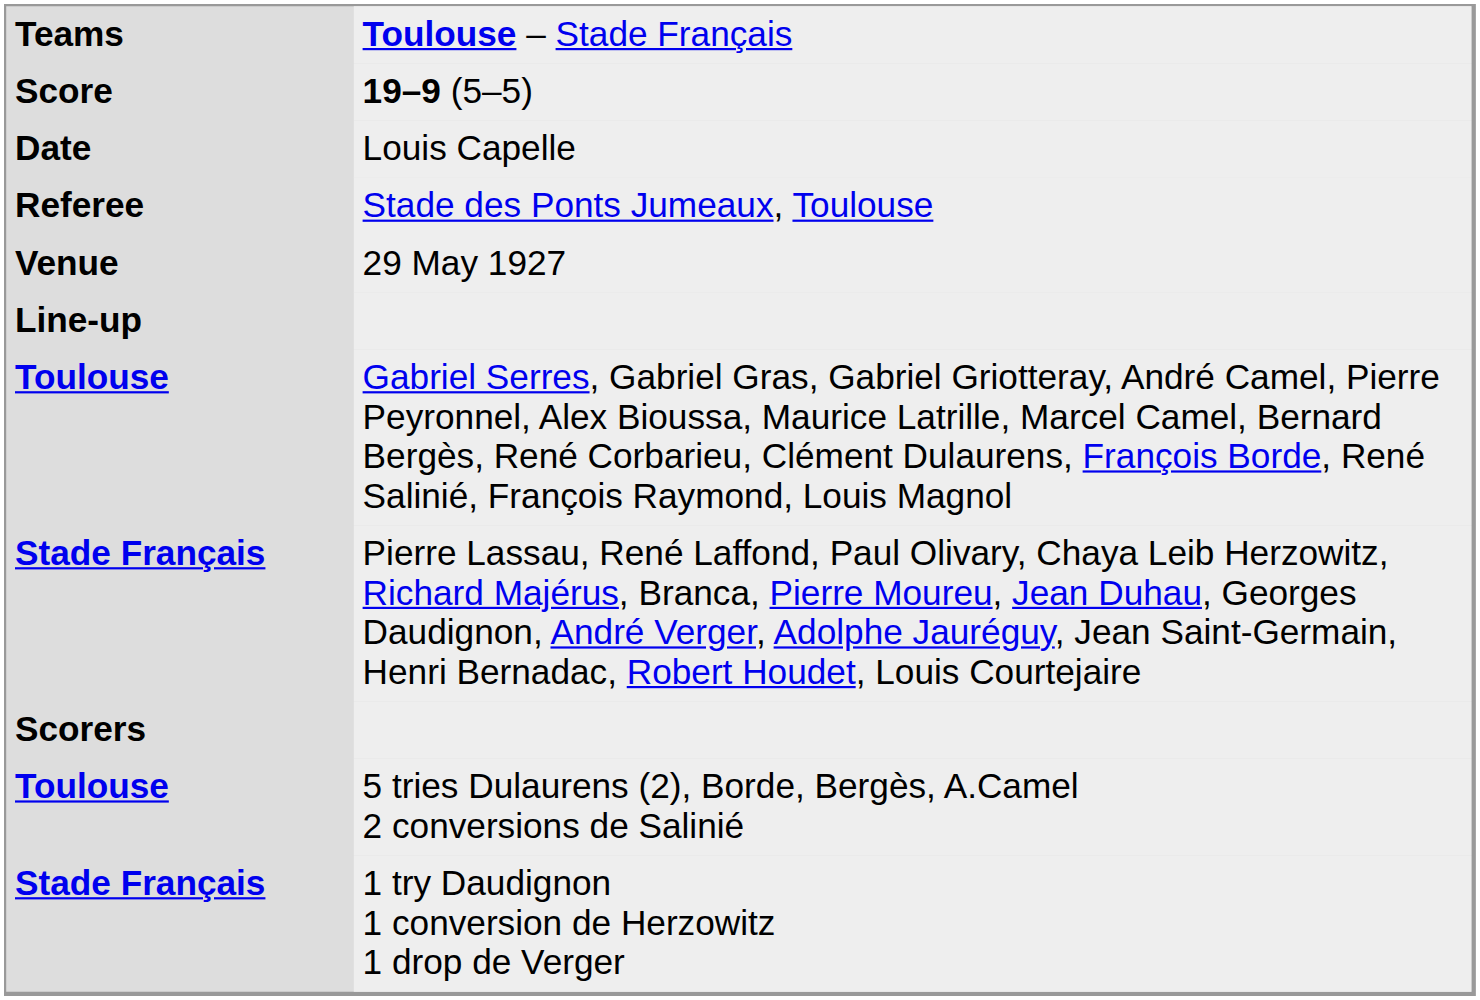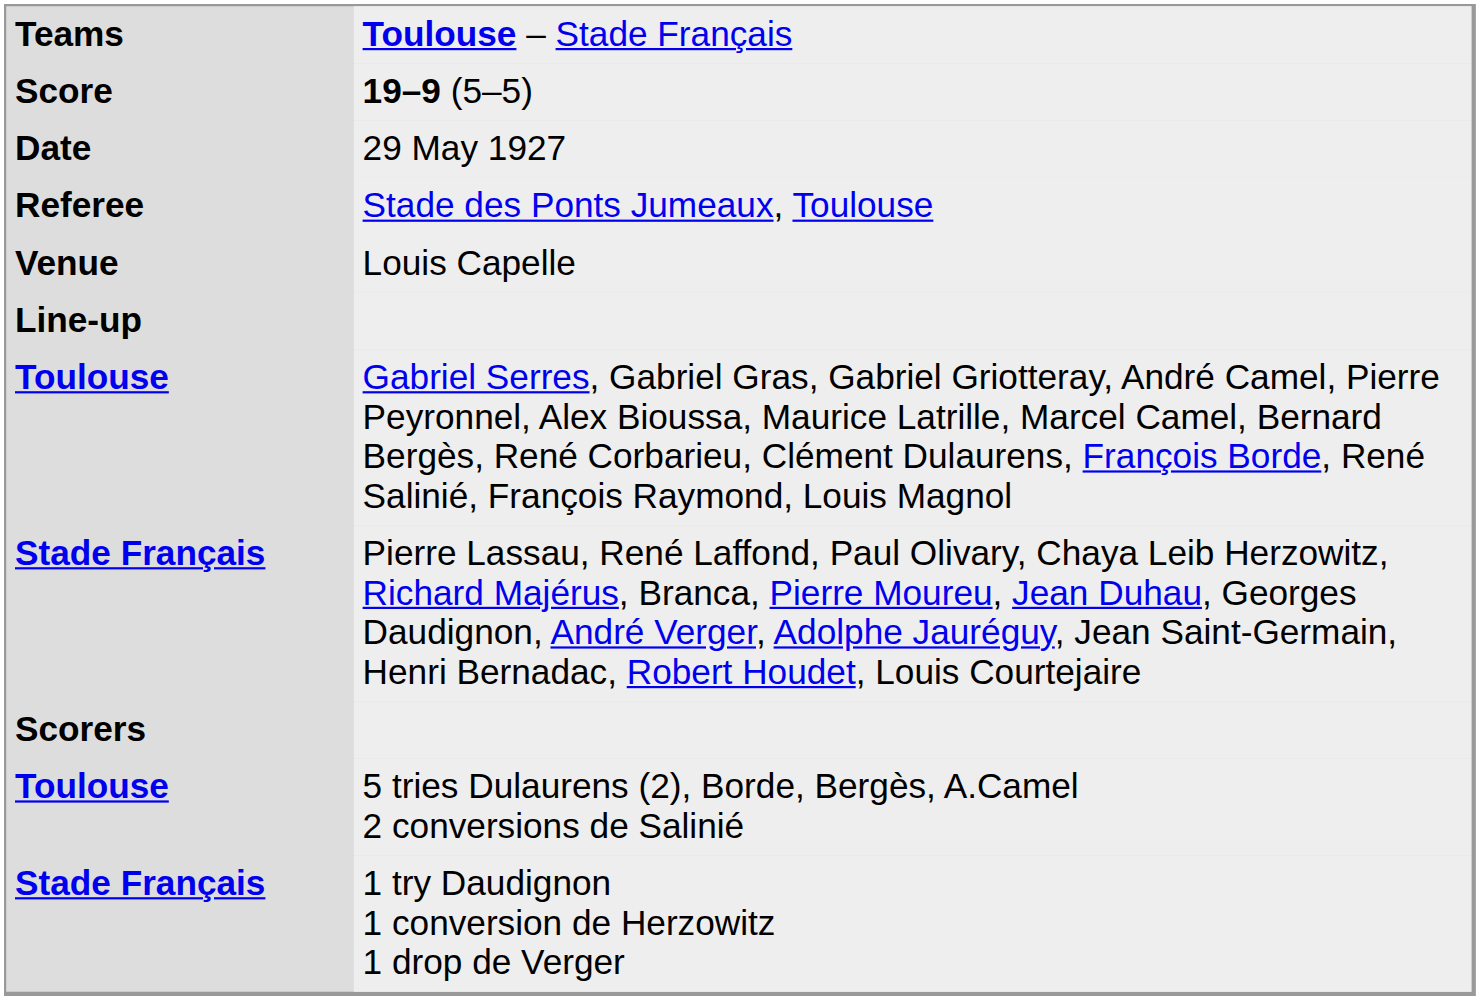 <table align="left" cellpadding="4" cellspacing="0"  style="margin: 0 0 0 0; border: 1px solid #999; border-right-width: 2px; border-bottom-width: 2px; background-color: #DDDDDD">
 <tr>
 <td width="150" valign="top"><strong>Teams</strong></td>
 <td width="500" bgcolor=#EEEEEE><strong><a href='#'>Toulouse</a></strong> – <a href='#'>Stade Français</a></td>
 </tr>
 <tr>
 <td valign="top"><strong>Score</strong></td>
 <td bgcolor=#EEEEEE><strong>19–9</strong> (5–5)</td>
 </tr>
 <tr>
 <td valign="top"><strong>Date</strong></td>
-<td bgcolor=#EEEEEE>Louis Capelle</td>
+<td bgcolor=#EEEEEE>29 May 1927</td>
 </tr>
 <tr>
 <td valign="top"><strong>Referee</strong></td>
 <td bgcolor=#EEEEEE><a href='#'>Stade des Ponts Jumeaux</a>, <a href='#'>Toulouse</a></td>
 </tr>
 <tr>
 <td valign="top"><strong>Venue</strong></td>
-<td bgcolor=#EEEEEE>29 May 1927</td>
+<td bgcolor=#EEEEEE>Louis Capelle</td>
 </tr>
 <tr>
 <td valign="top"><strong>Line-up</strong></td>
 <td bgcolor=#EEEEEE></td>
 </tr>
 <tr>
 <td valign="top"><strong> <a href='#'>Toulouse</a></strong></td>
 <td bgcolor=#EEEEEE><a href='#'>Gabriel Serres</a>, Gabriel Gras, Gabriel Griotteray, André Camel, Pierre Peyronnel, Alex Bioussa, Maurice Latrille, Marcel Camel, Bernard Bergès, René Corbarieu, Clément Dulaurens, <a href='#'>François Borde</a>, René Salinié, François Raymond, Louis Magnol</td>
 </tr>
 <tr>
 <td valign="top"><strong><a href='#'>Stade Français</a> </strong></td>
 <td bgcolor=#EEEEEE>Pierre Lassau, René Laffond, Paul Olivary, Chaya Leib Herzowitz, <a href='#'>Richard Majérus</a>, Branca, <a href='#'>Pierre Moureu</a>, <a href='#'>Jean Duhau</a>, Georges Daudignon, <a href='#'>André Verger</a>, <a href='#'>Adolphe Jauréguy</a>, Jean Saint-Germain, Henri Bernadac, <a href='#'>Robert Houdet</a>, Louis Courtejaire</td>
 </tr>
 <tr>
 <td valign="top"><strong>Scorers</strong></td>
 <td bgcolor=#EEEEEE></td>
 </tr>
 <tr>
 <td valign="top"><strong><a href='#'>Toulouse</a> </strong></td>
 <td bgcolor=#EEEEEE>5 tries Dulaurens (2), Borde, Bergès, A.Camel<br>2 conversions de Salinié</td>
 </tr>
 <tr>
 <td valign="top"><strong><a href='#'>Stade Français</a> </strong></td>
 <td bgcolor=#EEEEEE>1 try Daudignon<br>1 conversion de Herzowitz<br>1 drop de Verger</td>
 </tr>
 </table>
